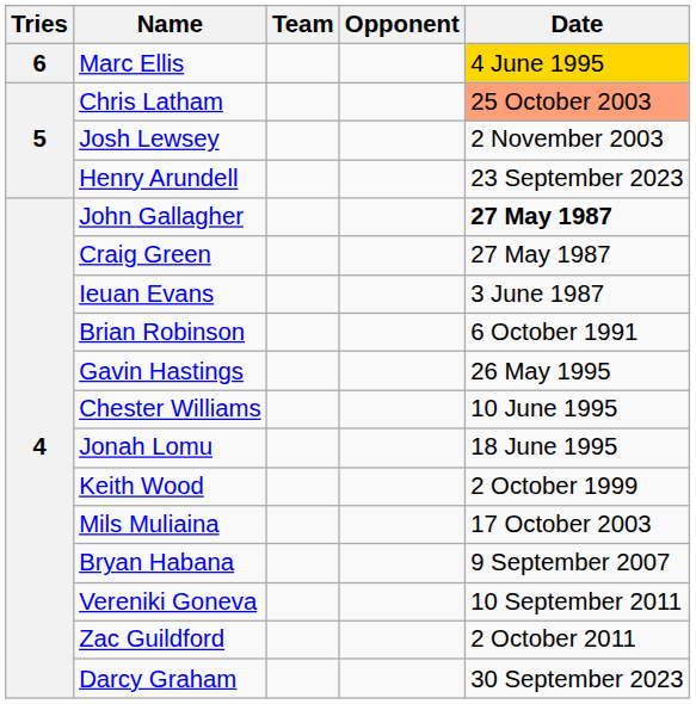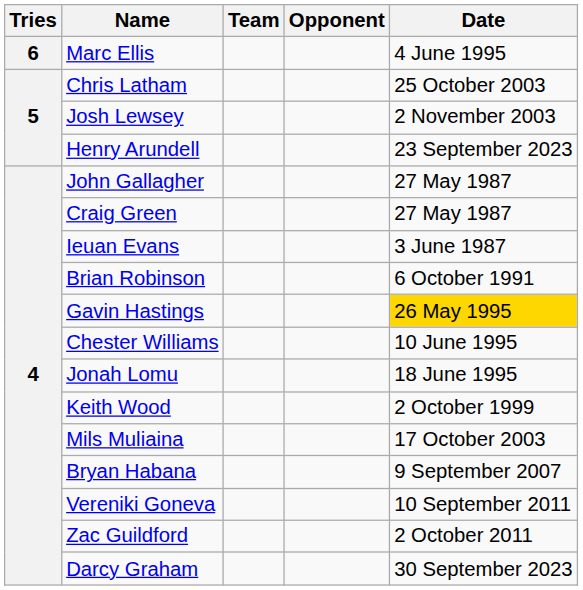 <table class="wikitable">
 <tr>
 <th>Tries</th>
 <th>Name</th>
 <th>Team</th>
 <th>Opponent</th>
 <th>Date</th>
 </tr>
 <tr>
 <th>6</th>
 <td><a href='#'>Marc Ellis</a></td>
 <td></td>
 <td></td>
-<td style="background: gold;">4 June 1995</td>
+<td>4 June 1995</td>
 </tr>
 <tr>
 <th rowspan="3">5</th>
 <td><a href='#'>Chris Latham</a></td>
 <td></td>
 <td></td>
-<td style="background: lightsalmon;">25 October 2003</td>
+<td>25 October 2003</td>
 </tr>
 <tr>
 <td><a href='#'>Josh Lewsey</a></td>
 <td></td>
 <td></td>
 <td>2 November 2003</td>
 </tr>
 <tr>
 <td><a href='#'>Henry Arundell</a></td>
 <td></td>
 <td></td>
 <td>23 September 2023</td>
 </tr>
 <tr>
 <th rowspan="13">4</th>
 <td><a href='#'>John Gallagher</a></td>
 <td></td>
 <td></td>
-<td><strong>27 May 1987</strong></td>
+<td>27 May 1987</td>
 </tr>
 <tr>
 <td><a href='#'>Craig Green</a></td>
 <td></td>
 <td></td>
 <td>27 May 1987</td>
 </tr>
 <tr>
 <td><a href='#'>Ieuan Evans</a></td>
 <td></td>
 <td></td>
 <td>3 June 1987</td>
 </tr>
 <tr>
 <td><a href='#'>Brian Robinson</a></td>
 <td></td>
 <td></td>
 <td>6 October 1991</td>
 </tr>
 <tr>
 <td><a href='#'>Gavin Hastings</a></td>
 <td></td>
 <td></td>
-<td>26 May 1995</td>
+<td style="background: gold;">26 May 1995</td>
 </tr>
 <tr>
 <td><a href='#'>Chester Williams</a></td>
 <td></td>
 <td></td>
 <td>10 June 1995</td>
 </tr>
 <tr>
 <td><a href='#'>Jonah Lomu</a></td>
 <td></td>
 <td></td>
 <td>18 June 1995</td>
 </tr>
 <tr>
 <td><a href='#'>Keith Wood</a></td>
 <td></td>
 <td></td>
 <td>2 October 1999</td>
 </tr>
 <tr>
 <td><a href='#'>Mils Muliaina</a></td>
 <td></td>
 <td></td>
 <td>17 October 2003</td>
 </tr>
 <tr>
 <td><a href='#'>Bryan Habana</a></td>
 <td></td>
 <td></td>
 <td>9 September 2007</td>
 </tr>
 <tr>
 <td><a href='#'>Vereniki Goneva</a></td>
 <td></td>
 <td></td>
 <td>10 September 2011</td>
 </tr>
 <tr>
 <td><a href='#'>Zac Guildford</a></td>
 <td></td>
 <td></td>
 <td>2 October 2011</td>
 </tr>
 <tr>
 <td><a href='#'>Darcy Graham</a></td>
 <td></td>
 <td></td>
 <td>30 September 2023</td>
 </tr>
 </table>
